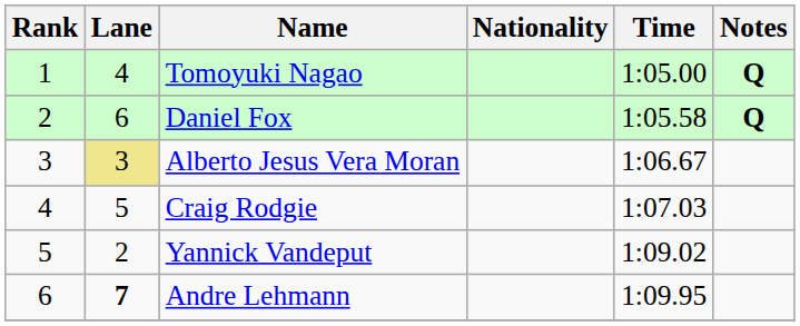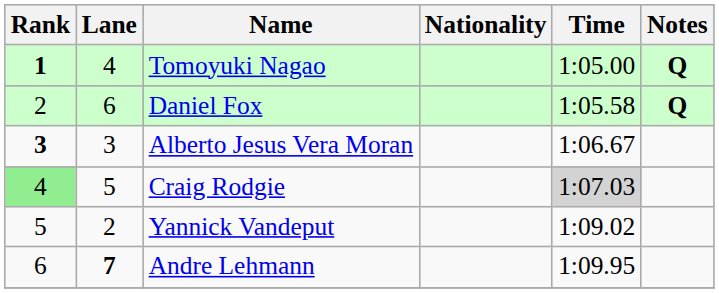 <table class="wikitable">
 <tr>
 <th>Rank</th>
 <th>Lane</th>
 <th>Name</th>
 <th>Nationality</th>
 <th>Time</th>
 <th>Notes</th>
 </tr>
 <tr bgcolor=ccffcc>
-<td align=center>1</td>
+<td align=center><strong>1</strong></td>
 <td align=center>4</td>
 <td><a href='#'>Tomoyuki Nagao</a></td>
 <td></td>
 <td align=center>1:05.00</td>
 <td align=center><strong>Q</strong></td>
 </tr>
 <tr bgcolor=ccffcc>
 <td align=center>2</td>
 <td align=center>6</td>
 <td><a href='#'>Daniel Fox</a></td>
 <td></td>
 <td align=center>1:05.58</td>
 <td align=center><strong>Q</strong></td>
 </tr>
 <tr>
+<td align=center><strong>3</strong></td>
 <td align=center>3</td>
-<td align=center style="background: khaki;">3</td>
 <td><a href='#'>Alberto Jesus Vera Moran</a></td>
 <td></td>
 <td align=center>1:06.67</td>
 <td align=center></td>
 </tr>
 <tr>
-<td align=center>4</td>
+<td align=center style="background: lightgreen;">4</td>
 <td align=center>5</td>
 <td><a href='#'>Craig Rodgie</a></td>
 <td></td>
-<td align=center>1:07.03</td>
+<td align=center style="background: lightgrey;">1:07.03</td>
 <td align=center></td>
 </tr>
 <tr>
 <td align=center>5</td>
 <td align=center>2</td>
 <td><a href='#'>Yannick Vandeput</a></td>
 <td></td>
 <td align=center>1:09.02</td>
 <td align=center></td>
 </tr>
 <tr>
 <td align=center>6</td>
 <td align=center><strong>7</strong></td>
 <td><a href='#'>Andre Lehmann</a></td>
 <td></td>
 <td align=center>1:09.95</td>
 <td align=center></td>
 </tr>
 <tr>
 </tr>
 </table>
